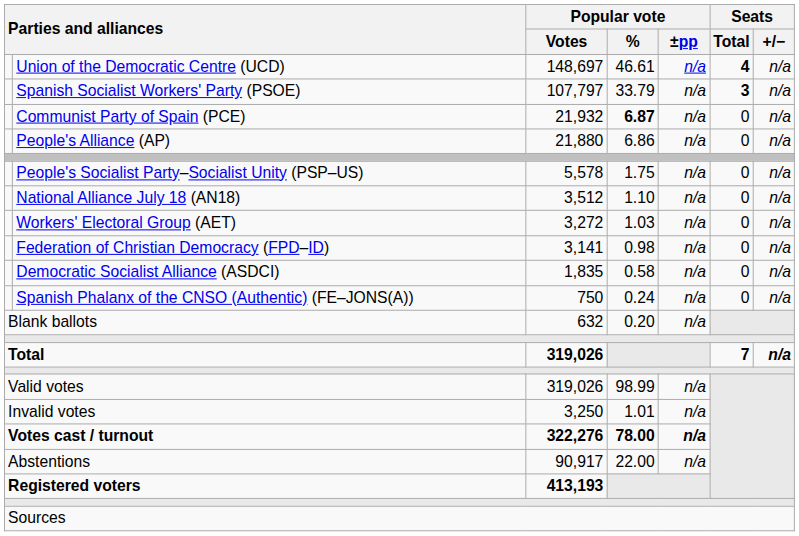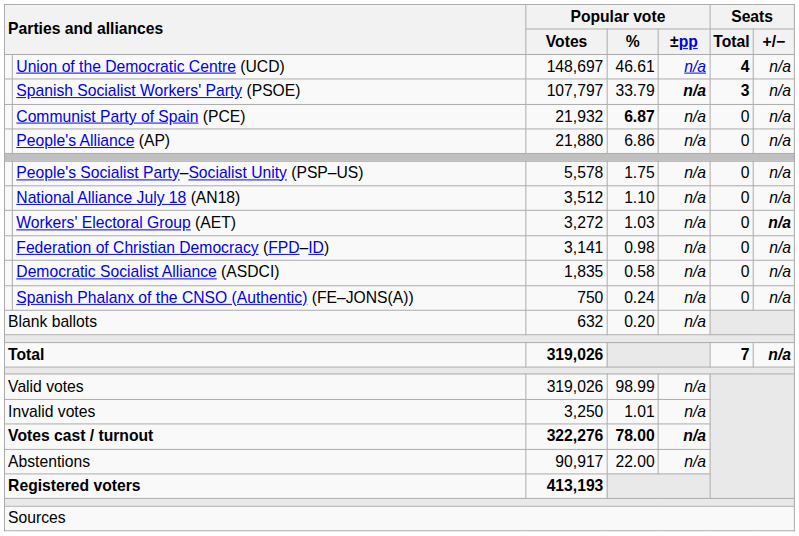 <table class="wikitable" style="text-align:right;">
 <tr>
 <th style="text-align:left;" rowspan="2" colspan="2" width="525">Parties and alliances</th>
 <th colspan="3">Popular vote</th>
 <th colspan="2">Seats</th>
 </tr>
 <tr>
 <th width="75">Votes</th>
 <th width="45">%</th>
 <th width="45">±<a href='#'>pp</a></th>
 <th width="35">Total</th>
 <th width="35">+/−</th>
 </tr>
 <tr>
 <td width="1" style="color:inherit;background:"></td>
 <td align="left"><a href='#'>Union of the Democratic Centre</a> (UCD)</td>
 <td>148,697</td>
 <td>46.61</td>
 <td><em><a href='#'>n/a</a></em></td>
 <td><strong>4</strong></td>
 <td><em>n/a</em></td>
 </tr>
 <tr>
 <td style="color:inherit;background:"></td>
 <td align="left"><a href='#'>Spanish Socialist Workers' Party</a> (PSOE)</td>
 <td>107,797</td>
 <td>33.79</td>
-<td><em>n/a</em></td>
+<td><strong><em>n/a</em></strong></td>
 <td><strong>3</strong></td>
 <td><em>n/a</em></td>
 </tr>
 <tr>
 <td style="color:inherit;background:"></td>
 <td align="left"><a href='#'>Communist Party of Spain</a> (PCE)</td>
 <td>21,932</td>
 <td><strong>6.87</strong></td>
 <td><em>n/a</em></td>
 <td>0</td>
 <td><em>n/a</em></td>
 </tr>
 <tr>
 <td style="color:inherit;background:"></td>
 <td align="left"><a href='#'>People's Alliance</a> (AP)</td>
 <td>21,880</td>
 <td>6.86</td>
 <td><em>n/a</em></td>
 <td>0</td>
 <td><em>n/a</em></td>
 </tr>
 <tr>
 <td colspan="7" bgcolor="#C0C0C0"></td>
 </tr>
 <tr>
 <td style="color:inherit;background:"></td>
 <td align="left"><a href='#'>People's Socialist Party</a>–<a href='#'>Socialist Unity</a> (PSP–US)</td>
 <td>5,578</td>
 <td>1.75</td>
 <td><em>n/a</em></td>
 <td>0</td>
 <td><em>n/a</em></td>
 </tr>
 <tr>
 <td style="color:inherit;background:"></td>
 <td align="left"><a href='#'>National Alliance July 18</a> (AN18)</td>
 <td>3,512</td>
 <td>1.10</td>
 <td><em>n/a</em></td>
 <td>0</td>
 <td><em>n/a</em></td>
 </tr>
 <tr>
 <td style="color:inherit;background:"></td>
 <td align="left"><a href='#'>Workers' Electoral Group</a> (AET)</td>
 <td>3,272</td>
 <td>1.03</td>
 <td><em>n/a</em></td>
 <td>0</td>
-<td><em>n/a</em></td>
+<td><strong><em>n/a</em></strong></td>
 </tr>
 <tr>
 <td style="color:inherit;background:"></td>
 <td align="left"><a href='#'>Federation of Christian Democracy</a> (<a href='#'>FPD</a>–<a href='#'>ID</a>)</td>
 <td>3,141</td>
 <td>0.98</td>
 <td><em>n/a</em></td>
 <td>0</td>
 <td><em>n/a</em></td>
 </tr>
 <tr>
 <td style="color:inherit;background:"></td>
 <td align="left"><a href='#'>Democratic Socialist Alliance</a> (ASDCI)</td>
 <td>1,835</td>
 <td>0.58</td>
 <td><em>n/a</em></td>
 <td>0</td>
 <td><em>n/a</em></td>
 </tr>
 <tr>
 <td style="color:inherit;background:"></td>
 <td align="left"><a href='#'>Spanish Phalanx of the CNSO (Authentic)</a> (FE–JONS(A))</td>
 <td>750</td>
 <td>0.24</td>
 <td><em>n/a</em></td>
 <td>0</td>
 <td><em>n/a</em></td>
 </tr>
 <tr>
 <td align="left" colspan="2">Blank ballots</td>
 <td>632</td>
 <td>0.20</td>
 <td><em>n/a</em></td>
 <td bgcolor="#E9E9E9" colspan="2"></td>
 </tr>
 <tr>
 <td colspan="7" bgcolor="#E9E9E9"></td>
 </tr>
 <tr style="font-weight:bold;">
 <td align="left" colspan="2">Total</td>
 <td>319,026</td>
 <td bgcolor="#E9E9E9" colspan="2"></td>
 <td>7</td>
 <td><em>n/a</em></td>
 </tr>
 <tr>
 <td colspan="7" bgcolor="#E9E9E9"></td>
 </tr>
 <tr>
 <td align="left" colspan="2">Valid votes</td>
 <td>319,026</td>
 <td>98.99</td>
 <td><em>n/a</em></td>
 <td bgcolor="#E9E9E9" colspan="2" rowspan="5"></td>
 </tr>
 <tr>
 <td align="left" colspan="2">Invalid votes</td>
 <td>3,250</td>
 <td>1.01</td>
 <td><em>n/a</em></td>
 </tr>
 <tr style="font-weight:bold;">
 <td align="left" colspan="2">Votes cast / turnout</td>
 <td>322,276</td>
 <td>78.00</td>
 <td><em>n/a</em></td>
 </tr>
 <tr>
 <td align="left" colspan="2">Abstentions</td>
 <td>90,917</td>
 <td>22.00</td>
 <td><em>n/a</em></td>
 </tr>
 <tr style="font-weight:bold;">
 <td align="left" colspan="2">Registered voters</td>
 <td>413,193</td>
 <td bgcolor="#E9E9E9" colspan="2"></td>
 </tr>
 <tr>
 <td colspan="7" bgcolor="#E9E9E9"></td>
 </tr>
 <tr>
 <td align="left" colspan="7">Sources</td>
 </tr>
 </table>
